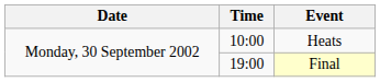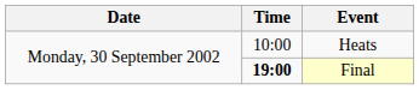 <table class = "wikitable" style="text-align:center;">
 <tr>
 <th width=220>Date</th>
 <th width=50>Time</th>
 <th width=100>Event</th>
 </tr>
 <tr>
 <td rowspan=2>Monday, 30 September 2002</td>
 <td>10:00</td>
 <td>Heats</td>
 </tr>
 <tr>
-<td>19:00</td>
+<td><strong>19:00</strong></td>
 <td bgcolor=ffffcc>Final</td>
 </tr>
 </table>
